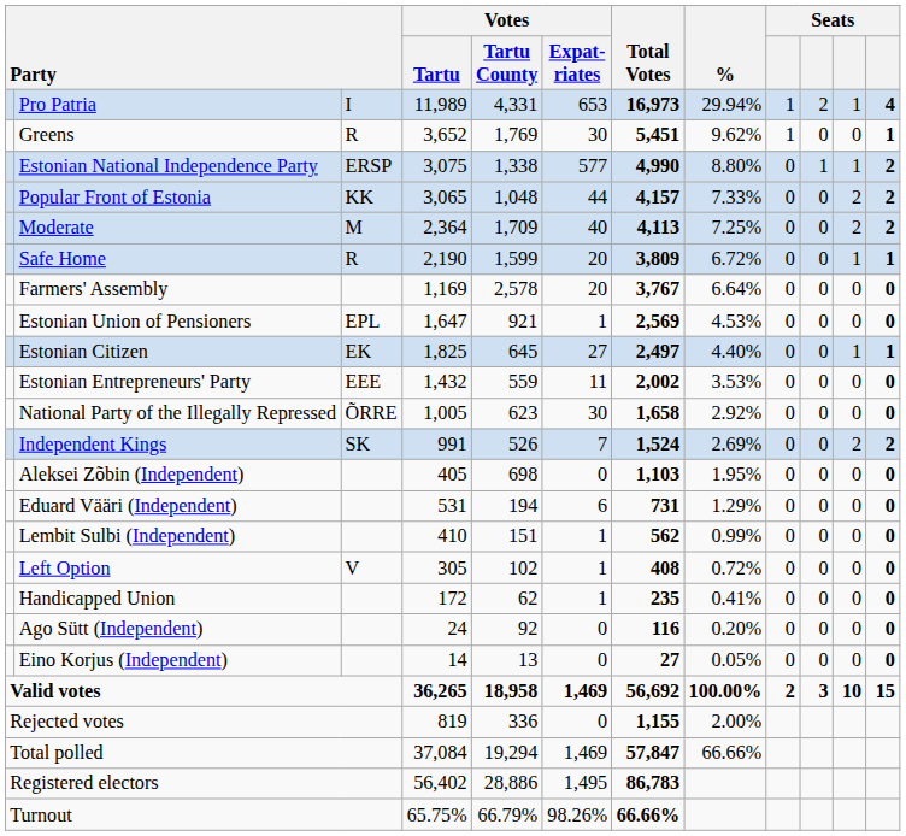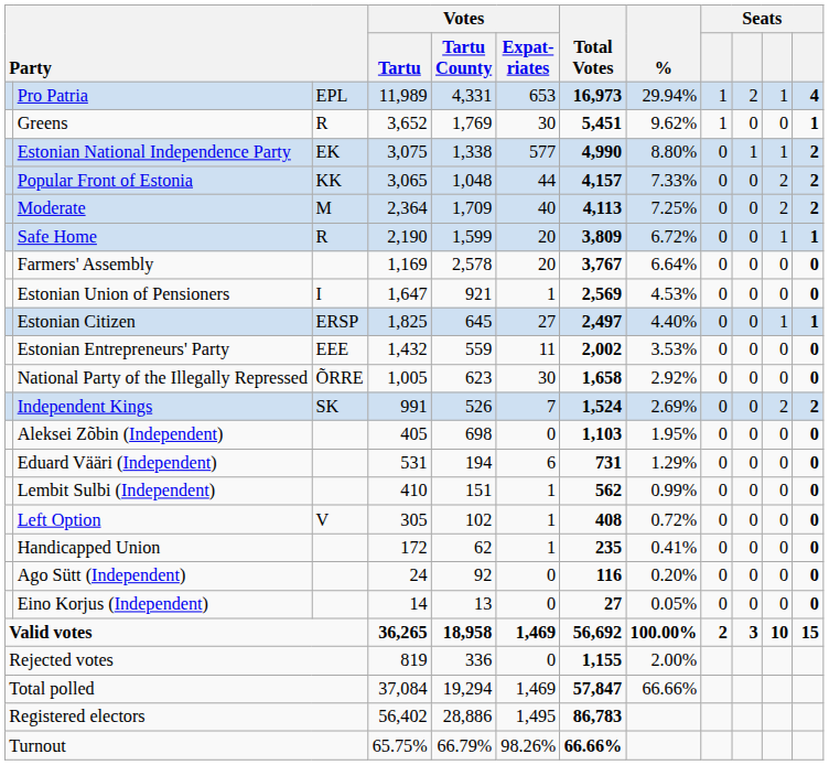 <table class="wikitable" border="1" style="text-align:right;">
 <tr>
 <th style="text-align:left;" valign=bottom rowspan=2 colspan=3>Party</th>
 <th colspan=3>Votes</th>
 <th align=center valign=bottom rowspan=2 width="50">Total Votes</th>
 <th align=center valign=bottom rowspan=2 width="50">%</th>
 <th colspan=4>Seats</th>
 </tr>
 <tr>
 <th align=center valign=bottom width="50"><a href='#'>Tartu</a></th>
 <th align=center valign=bottom width="50"><a href='#'>Tartu County</a></th>
 <th align=center valign=bottom width="50"><a href='#'>Expat- riates</a></th>
 <th align=center valign=bottom width="20"><small></small></th>
 <th align=center valign=bottom width="20"><small></small></th>
 <th align=center valign=bottom width="20"><small></small></th>
 <th align=center valign=bottom width="20"><small></small></th>
 </tr>
 <tr style="background:#CEE0F2;">
 <td style="background:"></td>
 <td align=left><a href='#'>Pro Patria</a></td>
-<td align=left>I</td>
+<td align=left>EPL</td>
 <td>11,989</td>
 <td>4,331</td>
 <td>653</td>
 <td><strong>16,973</strong></td>
 <td>29.94%</td>
 <td>1</td>
 <td>2</td>
 <td>1</td>
 <td><strong>4</strong></td>
 </tr>
 <tr>
 <td></td>
 <td align=left>Greens</td>
 <td align=left>R</td>
 <td>3,652</td>
 <td>1,769</td>
 <td>30</td>
 <td><strong>5,451</strong></td>
 <td>9.62%</td>
 <td>1</td>
 <td>0</td>
 <td>0</td>
 <td><strong>1</strong></td>
 </tr>
 <tr style="background:#CEE0F2;">
 <td></td>
 <td align=left><a href='#'>Estonian National Independence Party</a></td>
-<td align=left>ERSP</td>
+<td align=left>EK</td>
 <td>3,075</td>
 <td>1,338</td>
 <td>577</td>
 <td><strong>4,990</strong></td>
 <td>8.80%</td>
 <td>0</td>
 <td>1</td>
 <td>1</td>
 <td><strong>2</strong></td>
 </tr>
 <tr style="background:#CEE0F2;">
 <td style="background:"></td>
 <td align=left><a href='#'>Popular Front of Estonia</a></td>
 <td align=left>KK</td>
 <td>3,065</td>
 <td>1,048</td>
 <td>44</td>
 <td><strong>4,157</strong></td>
 <td>7.33%</td>
 <td>0</td>
 <td>0</td>
 <td>2</td>
 <td><strong>2</strong></td>
 </tr>
 <tr style="background:#CEE0F2;">
 <td style="background:"></td>
 <td align=left><a href='#'>Moderate</a></td>
 <td align=left>M</td>
 <td>2,364</td>
 <td>1,709</td>
 <td>40</td>
 <td><strong>4,113</strong></td>
 <td>7.25%</td>
 <td>0</td>
 <td>0</td>
 <td>2</td>
 <td><strong>2</strong></td>
 </tr>
 <tr style="background:#CEE0F2;">
 <td style="background:"></td>
 <td align=left><a href='#'>Safe Home</a></td>
 <td align=left>R</td>
 <td>2,190</td>
 <td>1,599</td>
 <td>20</td>
 <td><strong>3,809</strong></td>
 <td>6.72%</td>
 <td>0</td>
 <td>0</td>
 <td>1</td>
 <td><strong>1</strong></td>
 </tr>
 <tr>
 <td></td>
 <td align=left>Farmers' Assembly</td>
 <td></td>
 <td>1,169</td>
 <td>2,578</td>
 <td>20</td>
 <td><strong>3,767</strong></td>
 <td>6.64%</td>
 <td>0</td>
 <td>0</td>
 <td>0</td>
 <td><strong>0</strong></td>
 </tr>
 <tr>
 <td></td>
 <td align=left>Estonian Union of Pensioners</td>
-<td align=left>EPL</td>
+<td align=left>I</td>
 <td>1,647</td>
 <td>921</td>
 <td>1</td>
 <td><strong>2,569</strong></td>
 <td>4.53%</td>
 <td>0</td>
 <td>0</td>
 <td>0</td>
 <td><strong>0</strong></td>
 </tr>
 <tr style="background:#CEE0F2;">
 <td></td>
 <td align=left>Estonian Citizen</td>
-<td align=left>EK</td>
+<td align=left>ERSP</td>
 <td>1,825</td>
 <td>645</td>
 <td>27</td>
 <td><strong>2,497</strong></td>
 <td>4.40%</td>
 <td>0</td>
 <td>0</td>
 <td>1</td>
 <td><strong>1</strong></td>
 </tr>
 <tr>
 <td></td>
 <td align=left>Estonian Entrepreneurs' Party</td>
 <td align=left>EEE</td>
 <td>1,432</td>
 <td>559</td>
 <td>11</td>
 <td><strong>2,002</strong></td>
 <td>3.53%</td>
 <td>0</td>
 <td>0</td>
 <td>0</td>
 <td><strong>0</strong></td>
 </tr>
 <tr>
 <td></td>
 <td align=left>National Party of the Illegally Repressed</td>
 <td align=left>ÕRRE</td>
 <td>1,005</td>
 <td>623</td>
 <td>30</td>
 <td><strong>1,658</strong></td>
 <td>2.92%</td>
 <td>0</td>
 <td>0</td>
 <td>0</td>
 <td><strong>0</strong></td>
 </tr>
 <tr style="background:#CEE0F2;">
 <td></td>
 <td align=left><a href='#'>Independent Kings</a></td>
 <td align=left>SK</td>
 <td>991</td>
 <td>526</td>
 <td>7</td>
 <td><strong>1,524</strong></td>
 <td>2.69%</td>
 <td>0</td>
 <td>0</td>
 <td>2</td>
 <td><strong>2</strong></td>
 </tr>
 <tr>
 <td style="background:"></td>
 <td align=left>Aleksei Zõbin (<a href='#'>Independent</a>)</td>
 <td></td>
 <td>405</td>
 <td>698</td>
 <td>0</td>
 <td><strong>1,103</strong></td>
 <td>1.95%</td>
 <td>0</td>
 <td>0</td>
 <td>0</td>
 <td><strong>0</strong></td>
 </tr>
 <tr>
 <td style="background:"></td>
 <td align=left>Eduard Vääri (<a href='#'>Independent</a>)</td>
 <td></td>
 <td>531</td>
 <td>194</td>
 <td>6</td>
 <td><strong>731</strong></td>
 <td>1.29%</td>
 <td>0</td>
 <td>0</td>
 <td>0</td>
 <td><strong>0</strong></td>
 </tr>
 <tr>
 <td style="background:"></td>
 <td align=left>Lembit Sulbi (<a href='#'>Independent</a>)</td>
 <td></td>
 <td>410</td>
 <td>151</td>
 <td>1</td>
 <td><strong>562</strong></td>
 <td>0.99%</td>
 <td>0</td>
 <td>0</td>
 <td>0</td>
 <td><strong>0</strong></td>
 </tr>
 <tr>
 <td style="background:"></td>
 <td align=left><a href='#'>Left Option</a></td>
 <td align=left>V</td>
 <td>305</td>
 <td>102</td>
 <td>1</td>
 <td><strong>408</strong></td>
 <td>0.72%</td>
 <td>0</td>
 <td>0</td>
 <td>0</td>
 <td><strong>0</strong></td>
 </tr>
 <tr>
 <td></td>
 <td align=left>Handicapped Union</td>
 <td></td>
 <td>172</td>
 <td>62</td>
 <td>1</td>
 <td><strong>235</strong></td>
 <td>0.41%</td>
 <td>0</td>
 <td>0</td>
 <td>0</td>
 <td><strong>0</strong></td>
 </tr>
 <tr>
 <td style="background:"></td>
 <td align=left>Ago Sütt (<a href='#'>Independent</a>)</td>
 <td></td>
 <td>24</td>
 <td>92</td>
 <td>0</td>
 <td><strong>116</strong></td>
 <td>0.20%</td>
 <td>0</td>
 <td>0</td>
 <td>0</td>
 <td><strong>0</strong></td>
 </tr>
 <tr>
 <td style="background:"></td>
 <td align=left>Eino Korjus (<a href='#'>Independent</a>)</td>
 <td></td>
 <td>14</td>
 <td>13</td>
 <td>0</td>
 <td><strong>27</strong></td>
 <td>0.05%</td>
 <td>0</td>
 <td>0</td>
 <td>0</td>
 <td><strong>0</strong></td>
 </tr>
 <tr style="font-weight:bold">
 <td align=left colspan=3>Valid votes</td>
 <td>36,265</td>
 <td>18,958</td>
 <td>1,469</td>
 <td>56,692</td>
 <td>100.00%</td>
 <td>2</td>
 <td>3</td>
 <td>10</td>
 <td>15</td>
 </tr>
 <tr>
 <td align=left colspan=3>Rejected votes</td>
 <td>819</td>
 <td>336</td>
 <td>0</td>
 <td><strong>1,155</strong></td>
 <td>2.00%</td>
 <td></td>
 <td></td>
 <td></td>
 <td></td>
 </tr>
 <tr>
 <td align=left colspan=3>Total polled</td>
 <td>37,084</td>
 <td>19,294</td>
 <td>1,469</td>
 <td><strong>57,847</strong></td>
 <td>66.66%</td>
 <td></td>
 <td></td>
 <td></td>
 <td></td>
 </tr>
 <tr>
 <td align=left colspan=3>Registered electors</td>
 <td>56,402</td>
 <td>28,886</td>
 <td>1,495</td>
 <td><strong>86,783</strong></td>
 <td></td>
 <td></td>
 <td></td>
 <td></td>
 <td></td>
 </tr>
 <tr>
 <td align=left colspan=3>Turnout</td>
 <td>65.75%</td>
 <td>66.79%</td>
 <td>98.26%</td>
 <td><strong>66.66%</strong></td>
 <td></td>
 <td></td>
 <td></td>
 <td></td>
 <td></td>
 </tr>
 </table>
